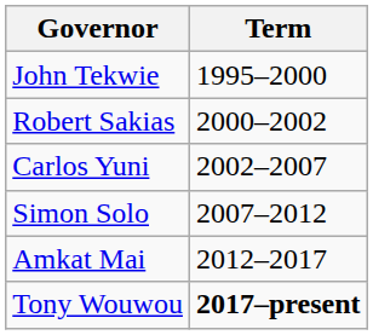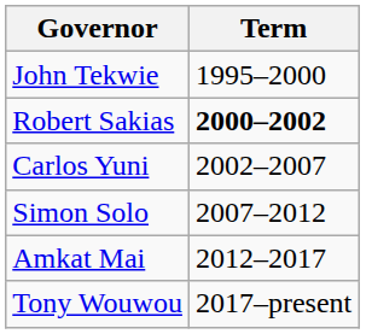 <table class="wikitable">
 <tr>
 <th><strong>Governor</strong></th>
 <th><strong>Term</strong></th>
 </tr>
 <tr>
 <td><a href='#'>John Tekwie</a></td>
 <td>1995–2000</td>
 </tr>
 <tr>
 <td><a href='#'>Robert Sakias</a></td>
-<td>2000–2002</td>
+<td><strong>2000–2002</strong></td>
 </tr>
 <tr>
 <td><a href='#'>Carlos Yuni</a></td>
 <td>2002–2007</td>
 </tr>
 <tr>
 <td><a href='#'>Simon Solo</a></td>
 <td>2007–2012</td>
 </tr>
 <tr>
 <td><a href='#'>Amkat Mai</a></td>
 <td>2012–2017</td>
 </tr>
 <tr>
 <td><a href='#'>Tony Wouwou</a></td>
-<td><strong>2017–present</strong></td>
+<td>2017–present</td>
 </tr>
 </table>
